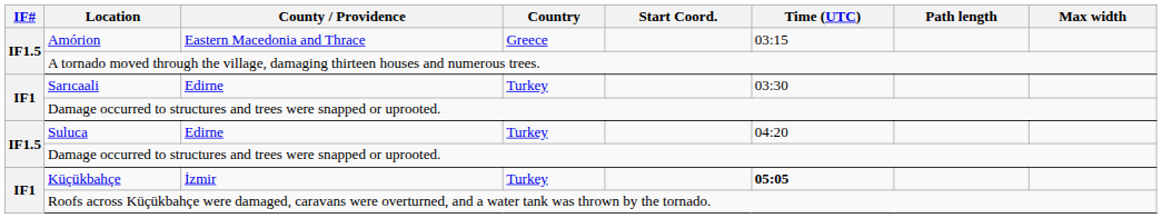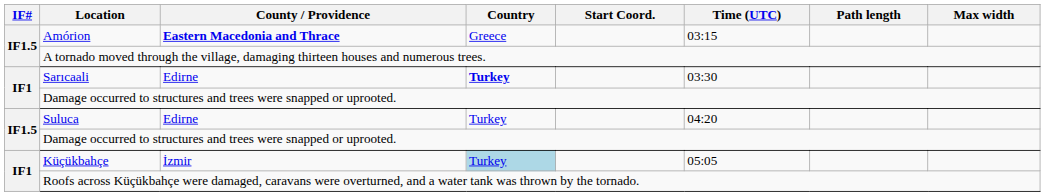 <table class="wikitable sortable" style="width:100%;">
 <tr>
 <th scope="col" width="2%" align="center"><a href='#'>IF#</a></th>
 <th scope="col" align="center" class="unsortable">Location</th>
 <th scope="col" align="center" class="unsortable">County / Providence</th>
 <th scope="col" align="center">Country</th>
 <th scope="col" align="center">Start Coord.</th>
 <th scope="col" align="center">Time (<a href='#'>UTC</a>)</th>
 <th scope="col" align="center">Path length</th>
 <th scope="col" align="center">Max width</th>
 </tr>
 <tr>
 <th scope="row" rowspan="2" style="background-color:#">IF1.5</th>
 <td><a href='#'>Amórion</a></td>
-<td><a href='#'>Eastern Macedonia and Thrace</a></td>
+<td><strong><a href='#'>Eastern Macedonia and Thrace</a></strong></td>
 <td><a href='#'>Greece</a></td>
 <td></td>
 <td>03:15</td>
 <td></td>
 <td></td>
 </tr>
 <tr class="expand-child">
 <td colspan="8" style=" border-bottom: 1px solid black;">A tornado moved through the village, damaging thirteen houses and numerous trees.</td>
 </tr>
 <tr>
 <th scope="row" rowspan="2" style="background-color:#">IF1</th>
 <td><a href='#'>Sarıcaali</a></td>
 <td><a href='#'>Edirne</a></td>
-<td><a href='#'>Turkey</a></td>
+<td><strong><a href='#'>Turkey</a></strong></td>
 <td></td>
 <td>03:30</td>
 <td></td>
 <td></td>
 </tr>
 <tr class="expand-child">
 <td colspan="8" style=" border-bottom: 1px solid black;">Damage occurred to structures and trees were snapped or uprooted.</td>
 </tr>
 <tr>
 <th scope="row" rowspan="2" style="background-color:#">IF1.5</th>
 <td><a href='#'>Suluca</a></td>
 <td><a href='#'>Edirne</a></td>
 <td><a href='#'>Turkey</a></td>
 <td></td>
 <td>04:20</td>
 <td></td>
 <td></td>
 </tr>
 <tr class="expand-child">
 <td colspan="8" style=" border-bottom: 1px solid black;">Damage occurred to structures and trees were snapped or uprooted.</td>
 </tr>
 <tr>
 <th scope="row" rowspan="2" style="background-color:#">IF1</th>
 <td><a href='#'>Küçükbahçe</a></td>
 <td><a href='#'>İzmir</a></td>
-<td><a href='#'>Turkey</a></td>
+<td style="background: lightblue;"><a href='#'>Turkey</a></td>
 <td></td>
-<td><strong>05:05</strong></td>
+<td>05:05</td>
 <td></td>
 <td></td>
 </tr>
 <tr class="expand-child">
 <td colspan="8" style=" border-bottom: 1px solid black;">Roofs across Küçükbahçe were damaged, caravans were overturned, and a water tank was thrown by the tornado.</td>
 </tr>
 </table>
